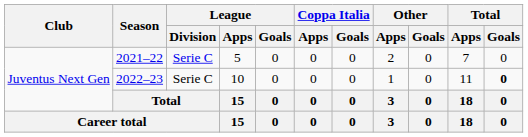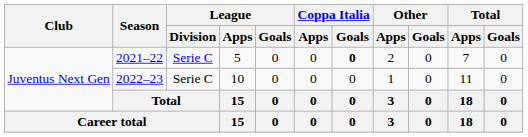 <table class="wikitable" style="text-align:center">
 <tr>
 <th rowspan="2">Club</th>
 <th rowspan="2">Season</th>
 <th colspan="3">League</th>
 <th colspan="2"><a href='#'>Coppa Italia</a></th>
 <th colspan="2">Other</th>
 <th colspan="2">Total</th>
 </tr>
 <tr>
 <th>Division</th>
 <th>Apps</th>
 <th>Goals</th>
 <th>Apps</th>
 <th>Goals</th>
 <th>Apps</th>
 <th>Goals</th>
 <th>Apps</th>
 <th>Goals</th>
 </tr>
 <tr>
 <td rowspan="3"><a href='#'>Juventus Next Gen</a></td>
 <td><a href='#'>2021–22</a></td>
 <td><a href='#'>Serie C</a></td>
 <td>5</td>
 <td>0</td>
 <td>0</td>
-<td>0</td>
+<td><strong>0</strong></td>
 <td>2</td>
 <td>0</td>
 <td>7</td>
 <td>0</td>
 </tr>
 <tr>
 <td><a href='#'>2022–23</a></td>
 <td>Serie C</td>
 <td>10</td>
 <td>0</td>
 <td>0</td>
 <td>0</td>
 <td>1</td>
 <td>0</td>
 <td>11</td>
-<td><strong>0</strong></td>
+<td>0</td>
 </tr>
 <tr>
 <th colspan="2">Total</th>
 <th>15</th>
 <th>0</th>
 <th>0</th>
 <th>0</th>
 <th>3</th>
 <th>0</th>
 <th>18</th>
 <th>0</th>
 </tr>
 <tr>
 <th colspan="3">Career total</th>
 <th>15</th>
 <th>0</th>
 <th>0</th>
 <th>0</th>
 <th>3</th>
 <th>0</th>
 <th>18</th>
 <th>0</th>
 </tr>
 </table>
